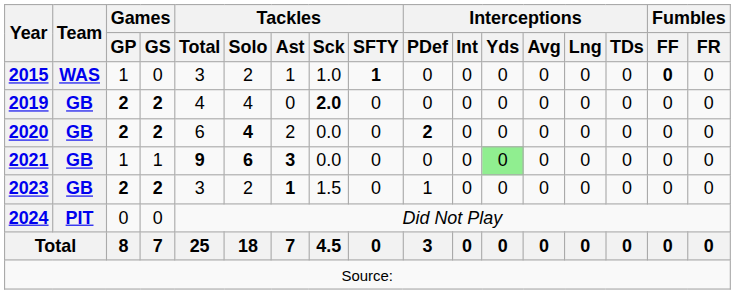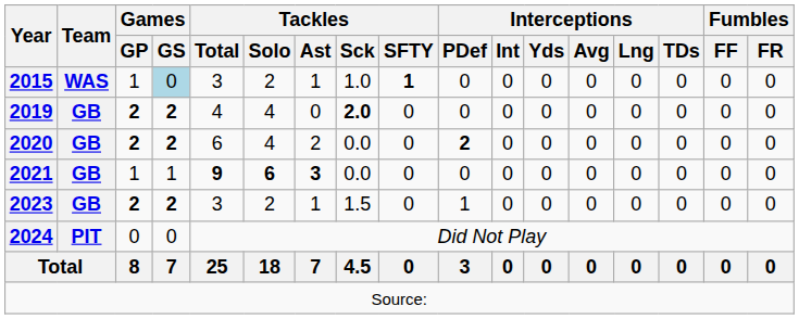 <table class="wikitable" style="text-align:center">
 <tr>
 <th rowspan="2">Year</th>
 <th rowspan="2">Team</th>
 <th colspan="2">Games</th>
 <th colspan="5">Tackles</th>
 <th colspan="6">Interceptions</th>
 <th colspan="2">Fumbles</th>
 </tr>
 <tr>
 <th>GP</th>
 <th>GS</th>
 <th>Total</th>
 <th>Solo</th>
 <th>Ast</th>
 <th>Sck</th>
 <th>SFTY</th>
 <th>PDef</th>
 <th>Int</th>
 <th>Yds</th>
 <th>Avg</th>
 <th>Lng</th>
 <th>TDs</th>
 <th>FF</th>
 <th>FR</th>
 </tr>
 <tr>
 <th><a href='#'>2015</a></th>
 <th><a href='#'>WAS</a></th>
 <td>1</td>
-<td>0</td>
+<td style="background: lightblue;">0</td>
 <td>3</td>
 <td>2</td>
 <td>1</td>
 <td>1.0</td>
 <td><strong>1</strong></td>
 <td>0</td>
 <td>0</td>
 <td>0</td>
 <td>0</td>
 <td>0</td>
 <td>0</td>
-<td><strong>0</strong></td>
+<td>0</td>
 <td>0</td>
 </tr>
 <tr>
 <th><a href='#'>2019</a></th>
 <th><a href='#'>GB</a></th>
 <td><strong>2</strong></td>
 <td><strong>2</strong></td>
 <td>4</td>
 <td>4</td>
 <td>0</td>
 <td><strong>2.0</strong></td>
 <td>0</td>
 <td>0</td>
 <td>0</td>
 <td>0</td>
 <td>0</td>
 <td>0</td>
 <td>0</td>
 <td>0</td>
 <td>0</td>
 </tr>
 <tr>
 <th><a href='#'>2020</a></th>
 <th><a href='#'>GB</a></th>
 <td><strong>2</strong></td>
 <td><strong>2</strong></td>
 <td>6</td>
-<td><strong>4</strong></td>
+<td>4</td>
 <td>2</td>
 <td>0.0</td>
 <td>0</td>
 <td><strong>2</strong></td>
 <td>0</td>
 <td>0</td>
 <td>0</td>
 <td>0</td>
 <td>0</td>
 <td>0</td>
 <td>0</td>
 </tr>
 <tr>
 <th><a href='#'>2021</a></th>
 <th><a href='#'>GB</a></th>
 <td>1</td>
 <td>1</td>
 <td><strong>9</strong></td>
 <td><strong>6</strong></td>
 <td><strong>3</strong></td>
 <td>0.0</td>
 <td>0</td>
 <td>0</td>
 <td>0</td>
-<td style="background: lightgreen;">0</td>
+<td>0</td>
 <td>0</td>
 <td>0</td>
 <td>0</td>
 <td>0</td>
 <td>0</td>
 </tr>
 <tr>
 <th><a href='#'>2023</a></th>
 <th><a href='#'>GB</a></th>
 <td><strong>2</strong></td>
 <td><strong>2</strong></td>
 <td>3</td>
 <td>2</td>
-<td><strong>1</strong></td>
+<td>1</td>
 <td>1.5</td>
 <td>0</td>
 <td>1</td>
 <td>0</td>
 <td>0</td>
 <td>0</td>
 <td>0</td>
 <td>0</td>
 <td>0</td>
 <td>0</td>
 </tr>
 <tr>
 <th><a href='#'>2024</a></th>
 <th><a href='#'>PIT</a></th>
 <td>0</td>
 <td>0</td>
 <td colspan="13"><em>Did Not Play</em></td>
 </tr>
 <tr>
 <th colspan="2">Total</th>
 <th>8</th>
 <th>7</th>
 <th>25</th>
 <th>18</th>
 <th>7</th>
 <th>4.5</th>
 <th>0</th>
 <th>3</th>
 <th>0</th>
 <th>0</th>
 <th>0</th>
 <th>0</th>
 <th>0</th>
 <th>0</th>
 <th>0</th>
 </tr>
 <tr>
 <td colspan="17"><small>Source: </small></td>
 </tr>
 </table>
